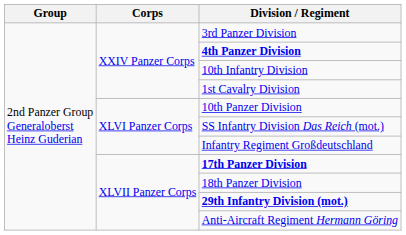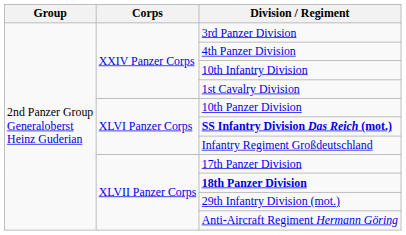 <table class="wikitable" style=text-align: center;>
 <tr>
 <th>Group</th>
 <th>Corps</th>
 <th>Division / Regiment</th>
 </tr>
 <tr>
 <td ROWSPAN=11>2nd Panzer Group<br><a href='#'>Generaloberst</a><br><a href='#'>Heinz Guderian</a></td>
 <td ROWSPAN=4><a href='#'>XXIV Panzer Corps</a></td>
 <td><a href='#'>3rd Panzer Division</a></td>
 </tr>
 <tr>
-<td><strong><a href='#'>4th Panzer Division</a></strong></td>
+<td><a href='#'>4th Panzer Division</a></td>
 </tr>
 <tr>
 <td><a href='#'>10th Infantry Division</a></td>
 </tr>
 <tr>
 <td><a href='#'>1st Cavalry Division</a></td>
 </tr>
 <tr>
 <td ROWSPAN=3><a href='#'>XLVI Panzer Corps</a></td>
 <td><a href='#'>10th Panzer Division</a></td>
 </tr>
 <tr>
-<td><a href='#'>SS Infantry Division <em>Das Reich</em> (mot.)</a></td>
+<td><strong><a href='#'>SS Infantry Division <em>Das Reich</em> (mot.)</a></strong></td>
 </tr>
 <tr>
 <td><a href='#'>Infantry Regiment Großdeutschland</a></td>
 </tr>
 <tr>
 <td ROWSPAN=4><a href='#'>XLVII Panzer Corps</a></td>
-<td><strong><a href='#'>17th Panzer Division</a></strong></td>
+<td><a href='#'>17th Panzer Division</a></td>
 </tr>
 <tr>
-<td><a href='#'>18th Panzer Division</a></td>
+<td><strong><a href='#'>18th Panzer Division</a></strong></td>
 </tr>
 <tr>
-<td><strong><a href='#'>29th Infantry Division (mot.)</a></strong></td>
+<td><a href='#'>29th Infantry Division (mot.)</a></td>
 </tr>
 <tr>
 <td><a href='#'>Anti-Aircraft Regiment <em>Hermann Göring</em></a></td>
 </tr>
 </table>
